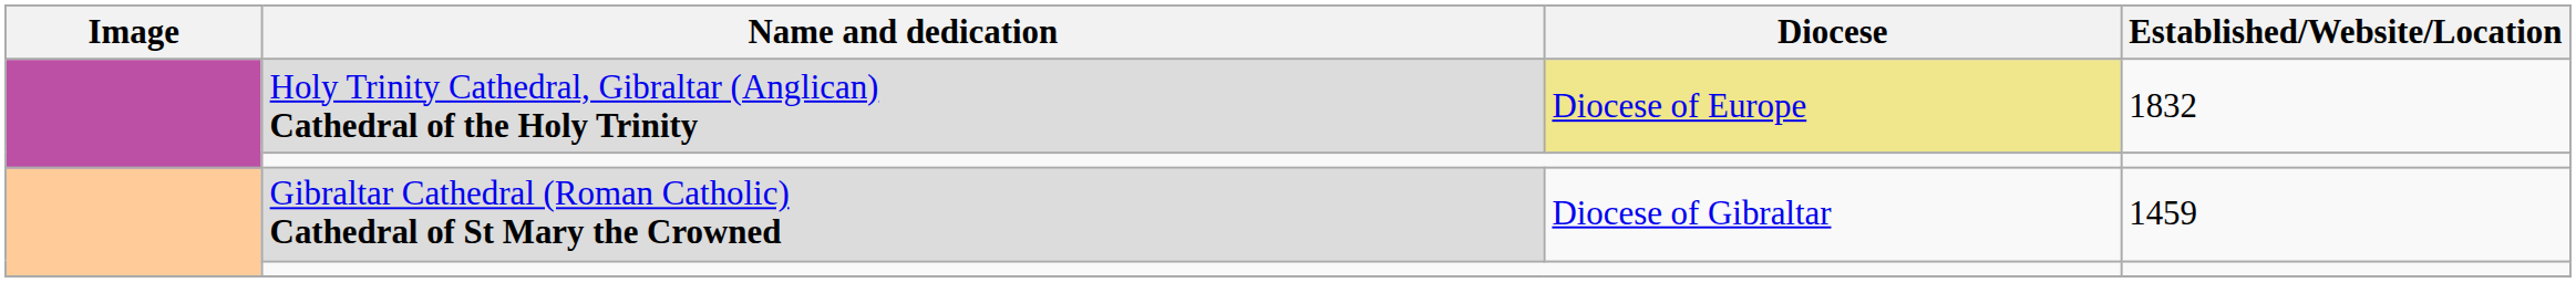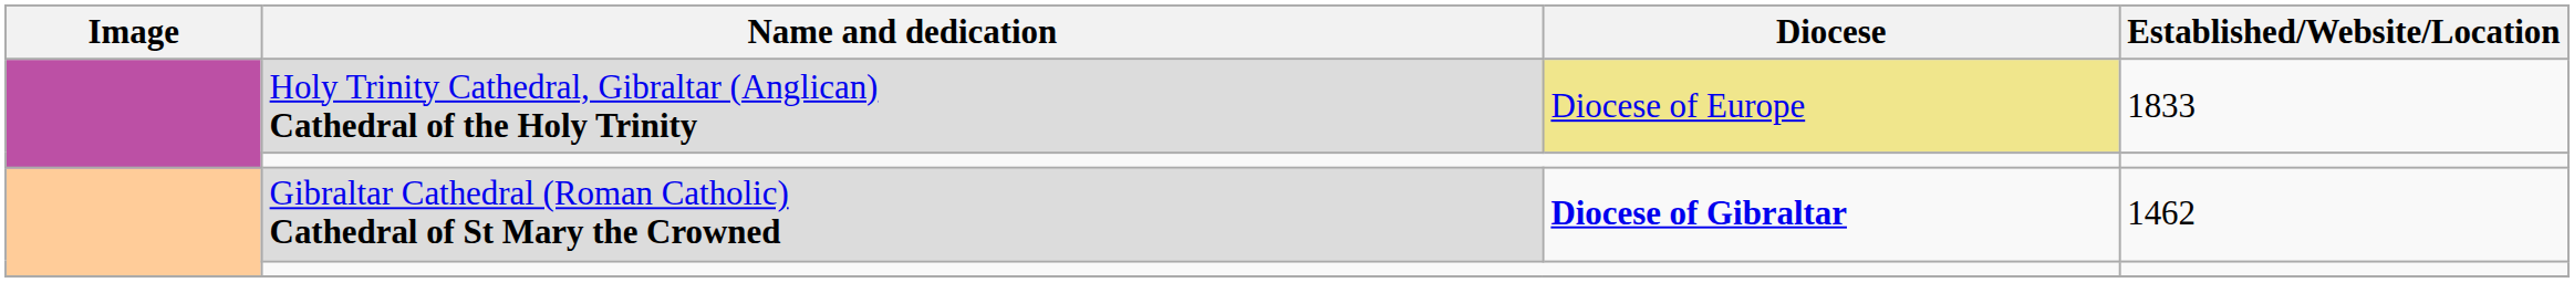 <table width=95% class="wikitable">
 <tr>
 <th width=10%>Image</th>
 <th width=50%>Name and dedication</th>
 <th>Diocese</th>
 <th width=10%>Established/Website/Location</th>
 </tr>
 <tr>
 <td rowspan="2" bgcolor="#BC50A5" align = "center"></td>
 <td bgcolor = "gainsboro"><a href='#'>Holy Trinity Cathedral, Gibraltar (Anglican)</a><br><strong>Cathedral of the Holy Trinity</strong></td>
 <td style="background: khaki;"><a href='#'>Diocese of Europe</a></td>
-<td>1832</td>
+<td>1833</td>
 </tr>
 <tr>
 <td colspan="2"></td>
 <td><small></small></td>
 </tr>
 <tr>
 <td rowspan="2" bgcolor="FFCC99" align="center"></td>
 <td bgcolor="Gainsboro"><a href='#'>Gibraltar Cathedral (Roman Catholic)</a><br><strong>Cathedral of St Mary the Crowned</strong></td>
-<td><a href='#'>Diocese of Gibraltar</a></td>
-<td>1459</td>
+<td><strong><a href='#'>Diocese of Gibraltar</a></strong></td>
+<td>1462</td>
 </tr>
 <tr>
 <td colspan="2"></td>
 <td><small></small></td>
 </tr>
 <tr>
 </tr>
 </table>
